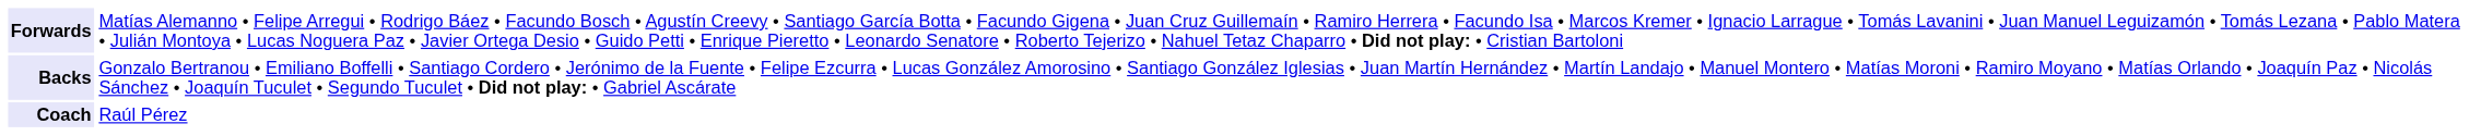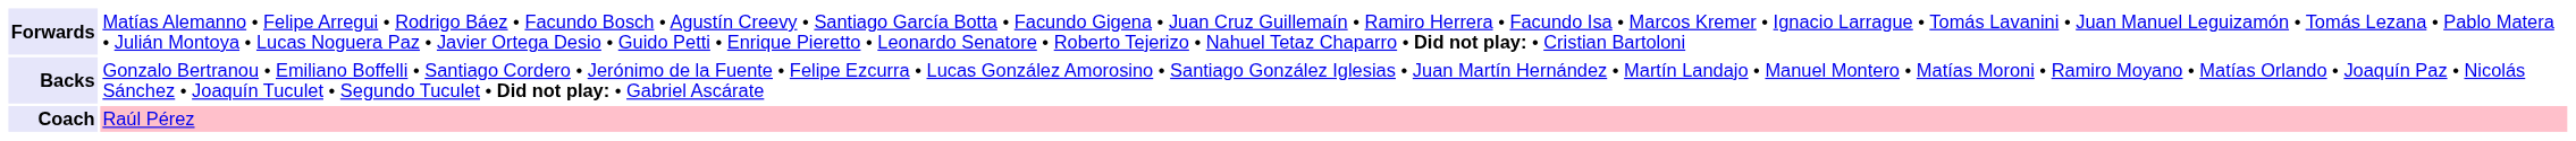 <table cellpadding="2" style="border: 1px solid white; font-size:90%;">
 <tr>
 <td style="text-align:right;" bgcolor="lavender"><strong>Forwards</strong></td>
 <td style="text-align:left;"><a href='#'>Matías Alemanno</a> • <a href='#'>Felipe Arregui</a> • <a href='#'>Rodrigo Báez</a> • <a href='#'>Facundo Bosch</a> • <a href='#'>Agustín Creevy</a> • <a href='#'>Santiago García Botta</a> • <a href='#'>Facundo Gigena</a> • <a href='#'>Juan Cruz Guillemaín</a> • <a href='#'>Ramiro Herrera</a> • <a href='#'>Facundo Isa</a> • <a href='#'>Marcos Kremer</a> • <a href='#'>Ignacio Larrague</a> • <a href='#'>Tomás Lavanini</a> • <a href='#'>Juan Manuel Leguizamón</a> • <a href='#'>Tomás Lezana</a> • <a href='#'>Pablo Matera</a> • <a href='#'>Julián Montoya</a> • <a href='#'>Lucas Noguera Paz</a> • <a href='#'>Javier Ortega Desio</a> • <a href='#'>Guido Petti</a> • <a href='#'>Enrique Pieretto</a> • <a href='#'>Leonardo Senatore</a> • <a href='#'>Roberto Tejerizo</a> • <a href='#'>Nahuel Tetaz Chaparro</a> • <strong>Did not play:</strong> • <a href='#'>Cristian Bartoloni</a></td>
 </tr>
 <tr>
 <td style="text-align:right;" bgcolor="lavender"><strong>Backs</strong></td>
 <td style="text-align:left;"><a href='#'>Gonzalo Bertranou</a> • <a href='#'>Emiliano Boffelli</a> • <a href='#'>Santiago Cordero</a> • <a href='#'>Jerónimo de la Fuente</a> • <a href='#'>Felipe Ezcurra</a> • <a href='#'>Lucas González Amorosino</a> • <a href='#'>Santiago González Iglesias</a> • <a href='#'>Juan Martín Hernández</a> • <a href='#'>Martín Landajo</a> • <a href='#'>Manuel Montero</a> • <a href='#'>Matías Moroni</a> • <a href='#'>Ramiro Moyano</a> • <a href='#'>Matías Orlando</a> • <a href='#'>Joaquín Paz</a> • <a href='#'>Nicolás Sánchez</a> • <a href='#'>Joaquín Tuculet</a> • <a href='#'>Segundo Tuculet</a> • <strong>Did not play:</strong> • <a href='#'>Gabriel Ascárate</a></td>
 </tr>
 <tr>
 <td style="text-align:right;" bgcolor="lavender"><strong>Coach</strong></td>
-<td style="text-align:left;"><a href='#'>Raúl Pérez</a></td>
+<td style="background: pink; text-align:left;"><a href='#'>Raúl Pérez</a></td>
 </tr>
 </table>
